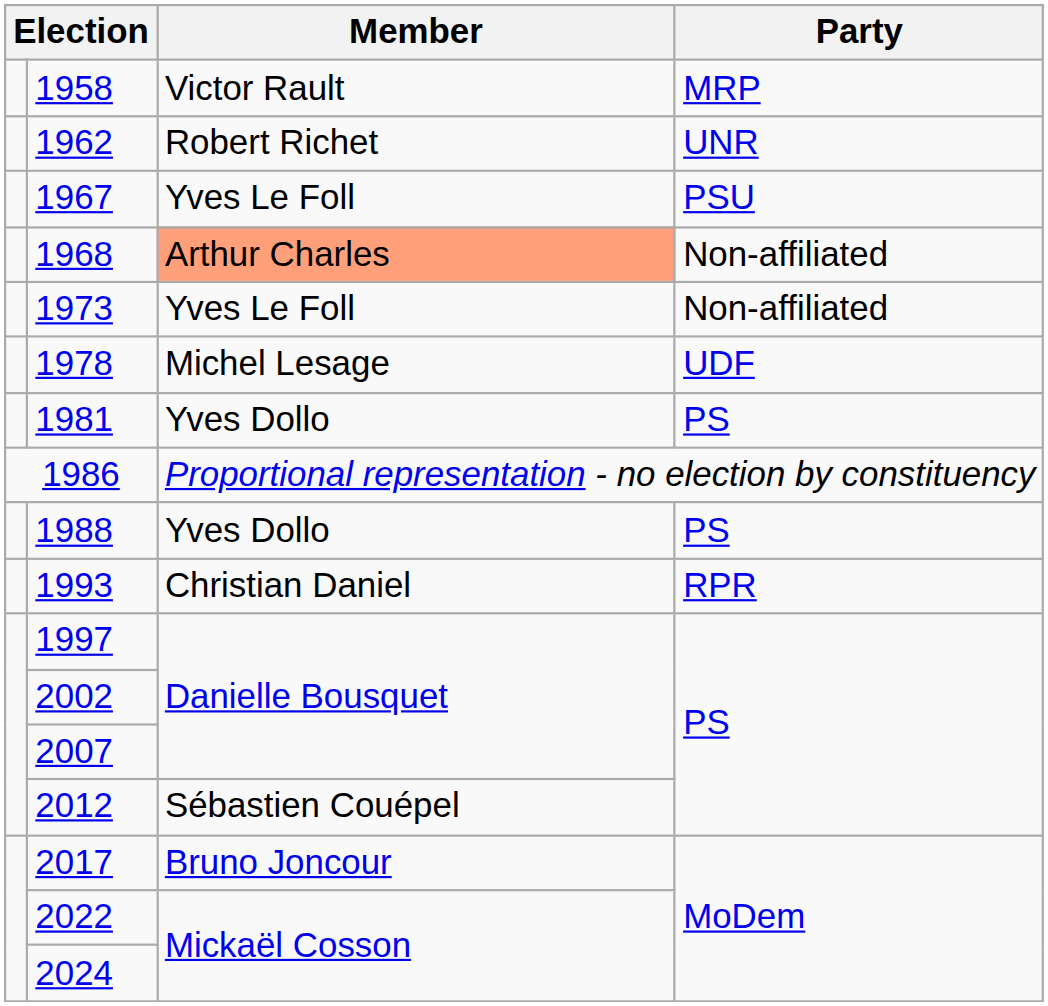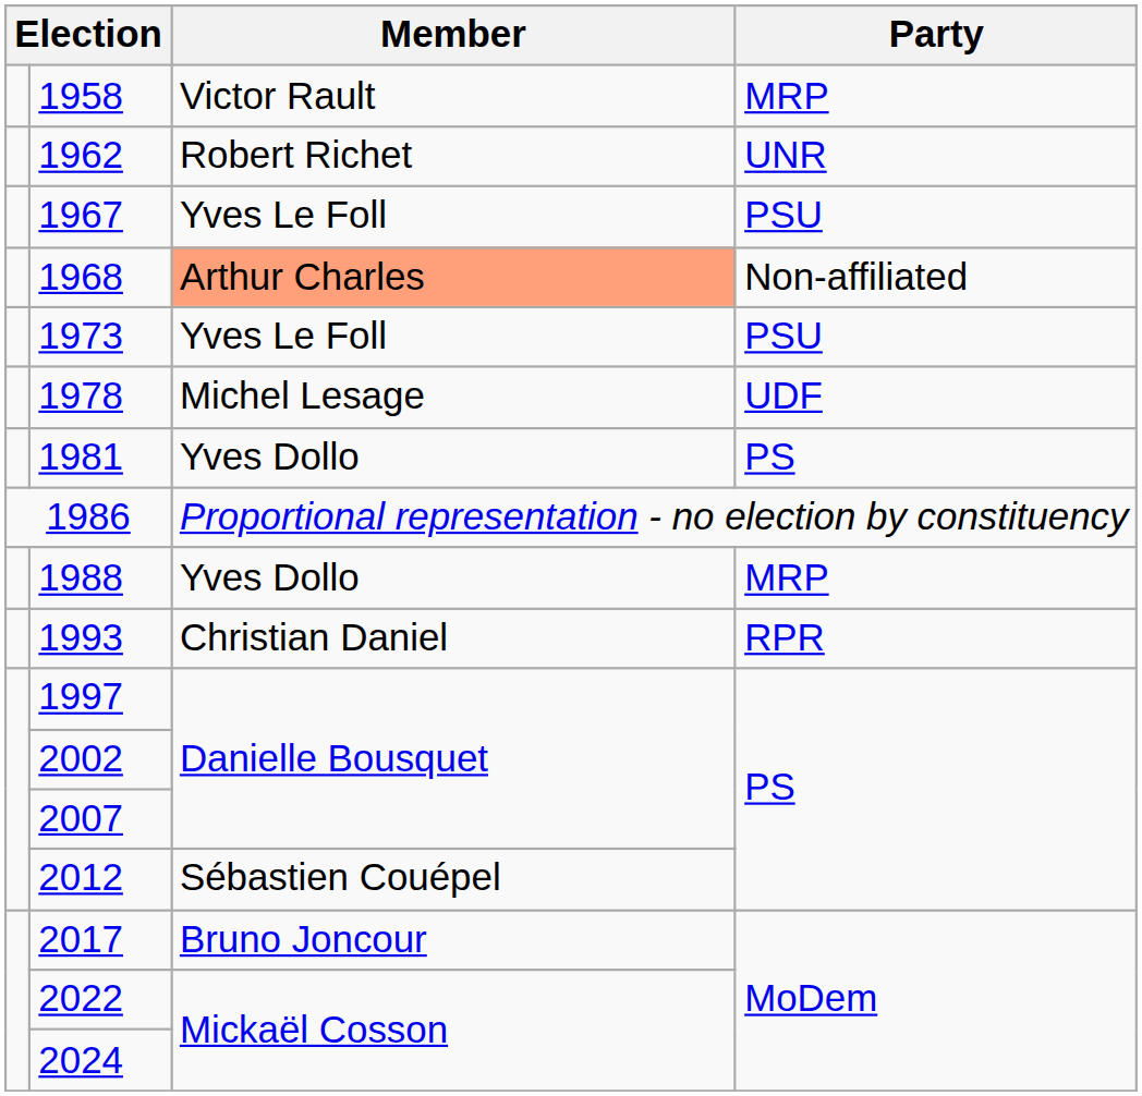 <table class="wikitable">
 <tr>
 <th colspan="2">Election</th>
 <th>Member</th>
 <th>Party</th>
 </tr>
 <tr>
 <td style="color:inherit;background-color: "></td>
 <td><a href='#'>1958</a></td>
 <td>Victor Rault</td>
 <td><a href='#'>MRP</a></td>
 </tr>
 <tr>
 <td style="color:inherit;background-color: "></td>
 <td><a href='#'>1962</a></td>
 <td>Robert Richet</td>
 <td><a href='#'>UNR</a></td>
 </tr>
 <tr>
 <td style="color:inherit;background-color: "></td>
 <td><a href='#'>1967</a></td>
 <td>Yves Le Foll</td>
 <td><a href='#'>PSU</a></td>
 </tr>
 <tr>
 <td style="color:inherit;background-color: "></td>
 <td><a href='#'>1968</a></td>
 <td style="background: lightsalmon;">Arthur Charles</td>
 <td>Non-affiliated</td>
 </tr>
 <tr>
 <td style="color:inherit;background-color: "></td>
 <td><a href='#'>1973</a></td>
 <td>Yves Le Foll</td>
-<td>Non-affiliated</td>
+<td><a href='#'>PSU</a></td>
 </tr>
 <tr>
 <td style="color:inherit;background-color: "></td>
 <td><a href='#'>1978</a></td>
 <td>Michel Lesage</td>
 <td><a href='#'>UDF</a></td>
 </tr>
 <tr>
 <td style="color:inherit;background-color: "></td>
 <td><a href='#'>1981</a></td>
 <td>Yves Dollo</td>
 <td><a href='#'>PS</a></td>
 </tr>
 <tr>
 <td colspan="2" align="center"><a href='#'>1986</a></td>
 <td colspan="2"><em><a href='#'>Proportional representation</a> - no election by constituency</em></td>
 </tr>
 <tr>
 <td style="color:inherit;background-color: "></td>
 <td><a href='#'>1988</a></td>
 <td>Yves Dollo</td>
-<td><a href='#'>PS</a></td>
+<td><a href='#'>MRP</a></td>
 </tr>
 <tr>
 <td style="color:inherit;background-color: "></td>
 <td><a href='#'>1993</a></td>
 <td>Christian Daniel</td>
 <td><a href='#'>RPR</a></td>
 </tr>
 <tr>
 <td rowspan="4" style="color:inherit;background-color: "></td>
 <td><a href='#'>1997</a></td>
 <td rowspan=3><a href='#'>Danielle Bousquet</a></td>
 <td rowspan=4><a href='#'>PS</a></td>
 </tr>
 <tr>
 <td><a href='#'>2002</a></td>
 </tr>
 <tr>
 <td><a href='#'>2007</a></td>
 </tr>
 <tr>
 <td><a href='#'>2012</a></td>
 <td>Sébastien Couépel</td>
 </tr>
 <tr>
 <td rowspan="3" style="color:inherit;background-color: "></td>
 <td><a href='#'>2017</a></td>
 <td><a href='#'>Bruno Joncour</a></td>
 <td rowspan="3"><a href='#'>MoDem</a></td>
 </tr>
 <tr>
 <td><a href='#'>2022</a></td>
 <td rowspan="2"><a href='#'>Mickaël Cosson</a></td>
 </tr>
 <tr>
 <td><a href='#'>2024</a></td>
 </tr>
 </table>
